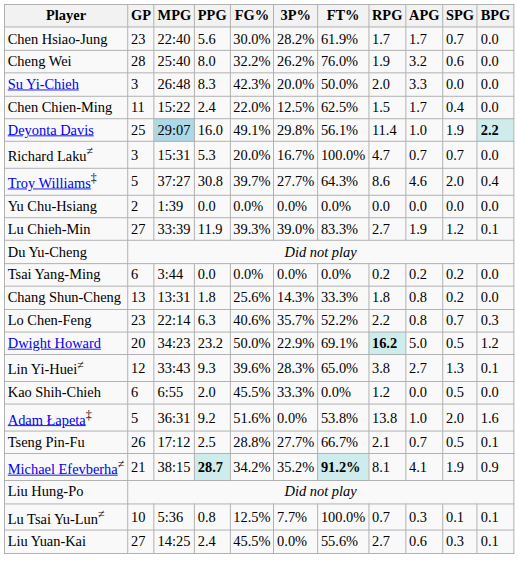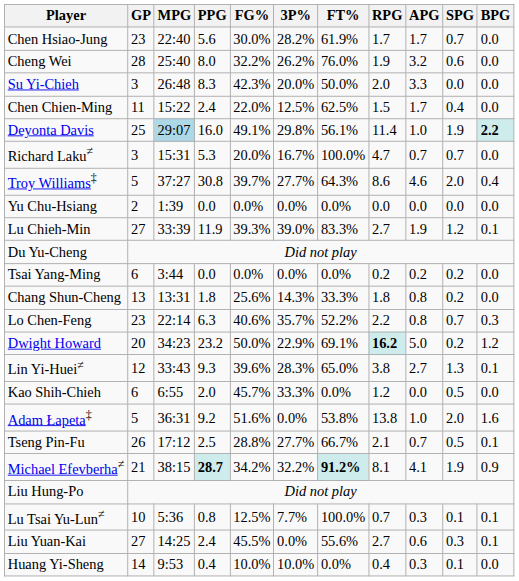 <table class="wikitable">
 <tr>
 <th>Player</th>
 <th>GP</th>
 <th>MPG</th>
 <th>PPG</th>
 <th>FG%</th>
 <th>3P%</th>
 <th>FT%</th>
 <th>RPG</th>
 <th>APG</th>
 <th>SPG</th>
 <th>BPG</th>
 </tr>
 <tr>
 <td>Chen Hsiao-Jung</td>
 <td>23</td>
 <td>22:40</td>
 <td>5.6</td>
 <td>30.0%</td>
 <td>28.2%</td>
 <td>61.9%</td>
 <td>1.7</td>
 <td>1.7</td>
 <td>0.7</td>
 <td>0.0</td>
 </tr>
 <tr>
 <td>Cheng Wei</td>
 <td>28</td>
 <td>25:40</td>
 <td>8.0</td>
 <td>32.2%</td>
 <td>26.2%</td>
 <td>76.0%</td>
 <td>1.9</td>
 <td>3.2</td>
 <td>0.6</td>
 <td>0.0</td>
 </tr>
 <tr>
 <td><a href='#'>Su Yi-Chieh</a></td>
 <td>3</td>
 <td>26:48</td>
 <td>8.3</td>
 <td>42.3%</td>
 <td>20.0%</td>
 <td>50.0%</td>
 <td>2.0</td>
 <td>3.3</td>
 <td>0.0</td>
 <td>0.0</td>
 </tr>
 <tr>
 <td>Chen Chien-Ming</td>
 <td>11</td>
 <td>15:22</td>
 <td>2.4</td>
 <td>22.0%</td>
 <td>12.5%</td>
 <td>62.5%</td>
 <td>1.5</td>
 <td>1.7</td>
 <td>0.4</td>
 <td>0.0</td>
 </tr>
 <tr>
 <td><a href='#'>Deyonta Davis</a></td>
 <td>25</td>
 <td style="background: lightblue;">29:07</td>
 <td>16.0</td>
 <td>49.1%</td>
 <td>29.8%</td>
 <td>56.1%</td>
 <td>11.4</td>
 <td>1.0</td>
 <td>1.9</td>
 <td style="background-color: #CFECEC"><strong>2.2</strong></td>
 </tr>
 <tr>
 <td>Richard Laku<sup>≠</sup></td>
 <td>3</td>
 <td>15:31</td>
 <td>5.3</td>
 <td>20.0%</td>
 <td>16.7%</td>
 <td>100.0%</td>
 <td>4.7</td>
 <td>0.7</td>
 <td>0.7</td>
 <td>0.0</td>
 </tr>
 <tr>
 <td><a href='#'>Troy Williams</a><sup>‡</sup></td>
 <td>5</td>
 <td>37:27</td>
 <td>30.8</td>
 <td>39.7%</td>
 <td>27.7%</td>
 <td>64.3%</td>
 <td>8.6</td>
 <td>4.6</td>
 <td>2.0</td>
 <td>0.4</td>
 </tr>
 <tr>
 <td>Yu Chu-Hsiang</td>
 <td>2</td>
 <td>1:39</td>
 <td>0.0</td>
 <td>0.0%</td>
 <td>0.0%</td>
 <td>0.0%</td>
 <td>0.0</td>
 <td>0.0</td>
 <td>0.0</td>
 <td>0.0</td>
 </tr>
 <tr>
 <td>Lu Chieh-Min</td>
 <td>27</td>
 <td>33:39</td>
 <td>11.9</td>
 <td>39.3%</td>
 <td>39.0%</td>
 <td>83.3%</td>
 <td>2.7</td>
 <td>1.9</td>
 <td>1.2</td>
 <td>0.1</td>
 </tr>
 <tr>
 <td>Du Yu-Cheng</td>
 <td colspan=10 align=center><em>Did not play</em></td>
 </tr>
 <tr>
 <td>Tsai Yang-Ming</td>
 <td>6</td>
 <td>3:44</td>
 <td>0.0</td>
 <td>0.0%</td>
 <td>0.0%</td>
 <td>0.0%</td>
 <td>0.2</td>
 <td>0.2</td>
 <td>0.2</td>
 <td>0.0</td>
 </tr>
 <tr>
 <td>Chang Shun-Cheng</td>
 <td>13</td>
 <td>13:31</td>
 <td>1.8</td>
 <td>25.6%</td>
 <td>14.3%</td>
 <td>33.3%</td>
 <td>1.8</td>
 <td>0.8</td>
 <td>0.2</td>
 <td>0.0</td>
 </tr>
 <tr>
 <td>Lo Chen-Feng</td>
 <td>23</td>
 <td>22:14</td>
 <td>6.3</td>
 <td>40.6%</td>
 <td>35.7%</td>
 <td>52.2%</td>
 <td>2.2</td>
 <td>0.8</td>
 <td>0.7</td>
 <td>0.3</td>
 </tr>
 <tr>
 <td><a href='#'>Dwight Howard</a></td>
 <td>20</td>
 <td>34:23</td>
 <td>23.2</td>
 <td>50.0%</td>
 <td>22.9%</td>
 <td>69.1%</td>
 <td style="background-color: #CFECEC"><strong>16.2</strong></td>
 <td>5.0</td>
-<td>0.5</td>
+<td>0.2</td>
 <td>1.2</td>
 </tr>
 <tr>
 <td>Lin Yi-Huei<sup>≠</sup></td>
 <td>12</td>
 <td>33:43</td>
 <td>9.3</td>
 <td>39.6%</td>
 <td>28.3%</td>
 <td>65.0%</td>
 <td>3.8</td>
 <td>2.7</td>
 <td>1.3</td>
 <td>0.1</td>
 </tr>
 <tr>
 <td>Kao Shih-Chieh</td>
 <td>6</td>
 <td>6:55</td>
 <td>2.0</td>
-<td>45.5%</td>
+<td>45.7%</td>
 <td>33.3%</td>
 <td>0.0%</td>
 <td>1.2</td>
 <td>0.0</td>
 <td>0.5</td>
 <td>0.0</td>
 </tr>
 <tr>
 <td><a href='#'>Adam Łapeta</a><sup>‡</sup></td>
 <td>5</td>
 <td>36:31</td>
 <td>9.2</td>
 <td>51.6%</td>
 <td>0.0%</td>
 <td>53.8%</td>
 <td>13.8</td>
 <td>1.0</td>
 <td>2.0</td>
 <td>1.6</td>
 </tr>
 <tr>
 <td>Tseng Pin-Fu</td>
 <td>26</td>
 <td>17:12</td>
 <td>2.5</td>
 <td>28.8%</td>
 <td>27.7%</td>
 <td>66.7%</td>
 <td>2.1</td>
 <td>0.7</td>
 <td>0.5</td>
 <td>0.1</td>
 </tr>
 <tr>
 <td><a href='#'>Michael Efevberha</a><sup>≠</sup></td>
 <td>21</td>
 <td>38:15</td>
 <td style="background-color: #CFECEC"><strong>28.7</strong></td>
 <td>34.2%</td>
-<td>35.2%</td>
+<td>32.2%</td>
 <td style="background-color: #CFECEC"><strong>91.2%</strong></td>
 <td>8.1</td>
 <td>4.1</td>
 <td>1.9</td>
 <td>0.9</td>
 </tr>
 <tr>
 <td>Liu Hung-Po</td>
 <td colspan=10 align=center><em>Did not play</em></td>
 </tr>
 <tr>
 <td>Lu Tsai Yu-Lun<sup>≠</sup></td>
 <td>10</td>
 <td>5:36</td>
 <td>0.8</td>
 <td>12.5%</td>
 <td>7.7%</td>
 <td>100.0%</td>
 <td>0.7</td>
 <td>0.3</td>
 <td>0.1</td>
 <td>0.1</td>
 </tr>
 <tr>
 <td>Liu Yuan-Kai</td>
 <td>27</td>
 <td>14:25</td>
 <td>2.4</td>
 <td>45.5%</td>
 <td>0.0%</td>
 <td>55.6%</td>
 <td>2.7</td>
 <td>0.6</td>
 <td>0.3</td>
 <td>0.1</td>
 </tr>
+<tr>
+<td>Huang Yi-Sheng</td>
+<td>14</td>
+<td>9:53</td>
+<td>0.4</td>
+<td>10.0%</td>
+<td>10.0%</td>
+<td>0.0%</td>
+<td>0.4</td>
+<td>0.3</td>
+<td>0.1</td>
+<td>0.0</td>
+</tr>
 </table>
